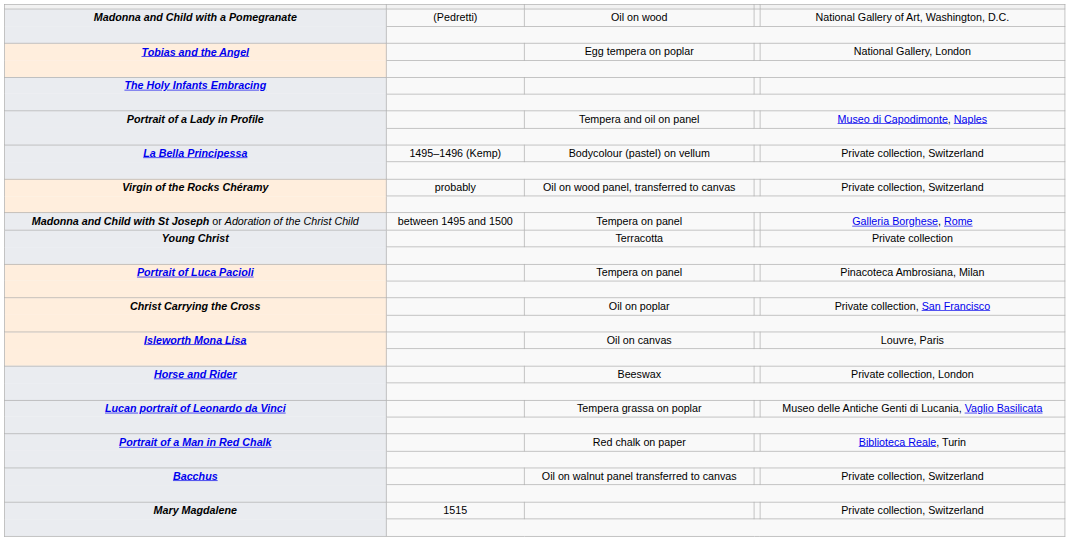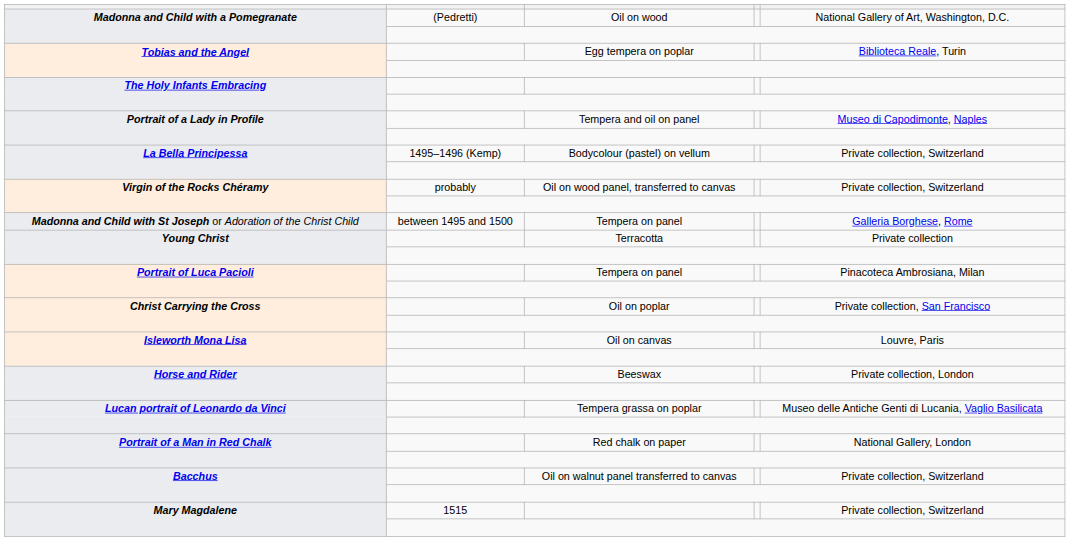 <table class="wikitable sortable" style="font-size:100%; text-align: center; width:100%">
 <tr>
 <th></th>
 <th></th>
 <th></th>
 <th></th>
 <th></th>
 </tr>
 <tr>
 <td style="background-color: #EAECF0; border-style: solid solid none solid"><strong><em>Madonna and Child with a Pomegranate</em></strong><br></td>
 <td> (Pedretti)</td>
 <td>Oil on wood</td>
 <td></td>
 <td data-sort-value="Washington, D.C., National Gallery of Art">National Gallery of Art, Washington, D.C.</td>
 </tr>
 <tr class="expand-child">
 <td style="background-color: #EAECF0; border-style: none solid solid solid"></td>
 <td colspan="4"><br></td>
 </tr>
 <tr>
 <td style="background-color: #FED; border-style: solid solid none solid"><strong><em><a href='#'>Tobias and the Angel</a></em></strong> </td>
 <td></td>
 <td>Egg tempera on poplar</td>
 <td></td>
-<td data-sort-value="London, National Gallery'">National Gallery, London</td>
+<td data-sort-value="Turin, Biblioteca Reale"><a href='#'>Biblioteca Reale</a>, Turin</td>
 </tr>
 <tr class="expand-child">
 <td style="background-color: #FED; border-style: none solid solid solid"></td>
 <td colspan="4"><br></td>
 </tr>
 <tr>
 <td style="background-color: #EAECF0; border-style: solid solid none solid"><strong><em><a href='#'>The Holy Infants Embracing</a></em></strong></td>
 <td></td>
 <td></td>
 <td></td>
 <td></td>
 </tr>
 <tr class="expand-child">
 <td style="background-color: #EAECF0; border-style: none solid solid solid"></td>
 <td colspan="4"><br></td>
 </tr>
 <tr>
 <td style="background-color: #EAECF0; border-style: solid solid none solid"><strong><em>Portrait of a Lady in Profile</em></strong></td>
 <td></td>
 <td>Tempera and oil on panel</td>
 <td></td>
 <td data-sort-value="Naples, Museo di Capodimonte"><a href='#'>Museo di Capodimonte</a>, <a href='#'>Naples</a></td>
 </tr>
 <tr class="expand-child">
 <td style="background-color: #EAECF0; border-style: none solid solid solid"></td>
 <td colspan="4"><br></td>
 </tr>
 <tr>
 <td style="background-color: #EAECF0; border-style: solid solid none solid"><strong><em><a href='#'>La Bella Principessa</a></em></strong></td>
 <td>1495–1496 (Kemp)</td>
 <td>Bodycolour (pastel) on vellum</td>
 <td></td>
 <td data-sort-value="Switzerland, private collection">Private collection, Switzerland</td>
 </tr>
 <tr class="expand-child">
 <td style="background-color: #EAECF0; border-style: none solid solid solid"></td>
 <td colspan="4"><br></td>
 </tr>
 <tr>
 <td style="background-color: #FED; border-style: solid solid none solid"><strong><em>Virgin of the Rocks Chéramy</em></strong> </td>
 <td>probably </td>
 <td>Oil on wood panel, transferred to canvas</td>
 <td></td>
 <td data-sort-value="Switzerland, private collection">Private collection, Switzerland</td>
 </tr>
 <tr class="expand-child">
 <td style="background-color: #FED; border-style: none solid solid solid"></td>
 <td colspan="4"><br></td>
 </tr>
 <tr>
 <td style="background-color: #EAECF0; border-style: solid solid none solid"><strong><em>Madonna and Child with St Joseph</em></strong> or <em>Adoration of the Christ Child</em></td>
 <td>between 1495 and 1500</td>
 <td>Tempera on panel</td>
 <td> </td>
 <td data-sort-value="Rome, Galleria Borghese"><a href='#'>Galleria Borghese</a>, <a href='#'>Rome</a><br></td>
 </tr>
 <tr>
 <td style="background-color: #EAECF0; border-style: solid solid none solid"><strong><em>Young Christ</em></strong></td>
 <td></td>
 <td>Terracotta</td>
 <td></td>
 <td>Private collection</td>
 </tr>
 <tr class="expand-child">
 <td style="background-color: #EAECF0; border-style: none solid solid solid"></td>
 <td colspan="4"><br></td>
 </tr>
 <tr>
 <td style="background-color: #FED; border-style: solid solid none solid"><strong><em><a href='#'>Portrait of Luca&nbsp;Pacioli</a></em></strong> </td>
 <td></td>
 <td>Tempera on panel</td>
 <td></td>
 <td>Pinacoteca Ambrosiana, Milan</td>
 </tr>
 <tr class="expand-child">
 <td style="background-color: #FED; border-style: none solid solid solid"></td>
 <td colspan="4"><br></td>
 </tr>
 <tr>
 <td style="background-color: #FED; border-style: solid solid none solid"><strong><em>Christ Carrying the Cross</em></strong> </td>
 <td></td>
 <td>Oil on poplar</td>
 <td></td>
 <td data-sort-value="San Francisco, private collection">Private collection, <a href='#'>San&nbsp;Francisco</a></td>
 </tr>
 <tr class="expand-child">
 <td style="background-color: #FED; border-style: none solid solid solid"></td>
 <td colspan="4"><br></td>
 </tr>
 <tr>
 <td style="background-color: #FED; border-style: solid solid none solid"><strong><em><a href='#'>Isleworth Mona&nbsp;Lisa</a></em></strong> </td>
 <td></td>
 <td>Oil on canvas</td>
 <td></td>
 <td data-sort-value="Paris, Louvre">Louvre, Paris</td>
 </tr>
 <tr class="expand-child">
 <td style="background-color: #FED; border-style: none solid solid solid"></td>
 <td colspan="4"><br></td>
 </tr>
 <tr>
 <td style="background-color: #EAECF0; border-style: solid solid none solid"><strong><em><a href='#'>Horse and Rider</a></em></strong></td>
 <td><br></td>
 <td>Beeswax</td>
 <td></td>
 <td data-sort-value="London, private collection">Private collection, London</td>
 </tr>
 <tr class="expand-child">
 <td style="background-color: #EAECF0; border-style: none solid solid solid"></td>
 <td colspan="4"><br></td>
 </tr>
 <tr>
 <td style="background-color: #EAECF0; border-style: solid solid none solid"><strong><em><a href='#'>Lucan portrait of Leonardo da Vinci</a></em></strong></td>
 <td></td>
 <td>Tempera grassa on poplar</td>
 <td></td>
 <td data-sort-value="Vaglio Basilicata, Museo delle Antiche Genti di Lucania">Museo delle Antiche Genti di Lucania, <a href='#'>Vaglio Basilicata</a></td>
 </tr>
 <tr class="expand-child">
 <td style="background-color: #EAECF0; border-style: none solid solid solid"></td>
 <td colspan="4"><br></td>
 </tr>
 <tr>
 <td style="background-color: #EAECF0; border-style: solid solid none solid"><strong><em><a href='#'>Portrait of a Man in Red Chalk</a></em></strong></td>
 <td></td>
 <td>Red chalk on paper</td>
 <td></td>
-<td data-sort-value="Turin, Biblioteca Reale"><a href='#'>Biblioteca Reale</a>, Turin</td>
+<td data-sort-value="London, National Gallery'">National Gallery, London</td>
 </tr>
 <tr class="expand-child">
 <td style="background-color: #EAECF0; border-style: none solid solid solid"></td>
 <td colspan="4"><br></td>
 </tr>
 <tr>
 <td style="background-color: #EAECF0; border-style: solid solid none solid"><strong><em><a href='#'>Bacchus</a></em></strong></td>
 <td><br></td>
 <td>Oil on walnut panel transferred to canvas</td>
 <td></td>
 <td data-sort-value="Switzerland, private collection">Private collection, Switzerland</td>
 </tr>
 <tr class="expand-child">
 <td style="background-color: #EAECF0; border-style: none solid solid solid"></td>
 <td colspan="4"><br></td>
 </tr>
 <tr>
 <td style="background-color: #EAECF0; border-style: solid solid none solid"><strong><em>Mary Magdalene</em></strong></td>
 <td>1515</td>
 <td></td>
 <td></td>
 <td data-sort-value="Switzerland, private collection">Private collection, Switzerland</td>
 </tr>
 <tr class="expand-child">
 <td style="background-color: #EAECF0; border-style: none solid solid solid"></td>
 <td colspan="4"><br></td>
 </tr>
 </table>
